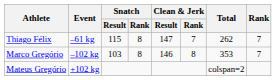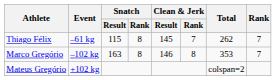 <table class="wikitable" style="font-size:90%">
 <tr>
 <th rowspan=2>Athlete</th>
 <th rowspan=2>Event</th>
 <th colspan="2">Snatch</th>
 <th colspan="2">Clean & Jerk</th>
 <th rowspan="2">Total</th>
 <th rowspan="2">Rank</th>
 </tr>
 <tr style="font-size:95%">
 <th>Result</th>
 <th>Rank</th>
 <th>Result</th>
 <th>Rank</th>
 </tr>
 <tr align=center>
 <td align=left><a href='#'>Thiago Félix</a></td>
 <td align=left><a href='#'>–61 kg</a></td>
 <td>115</td>
 <td>8</td>
-<td>147</td>
+<td>145</td>
 <td>7</td>
 <td>262</td>
 <td>7</td>
 </tr>
 <tr align=center>
 <td align=left><a href='#'>Marco Gregório</a></td>
 <td align=left><a href='#'>–102 kg</a></td>
-<td>103</td>
+<td>163</td>
 <td>8</td>
 <td>146</td>
 <td>8</td>
 <td>353</td>
 <td>7</td>
 </tr>
 <tr align=center>
 <td align=left><a href='#'>Mateus Gregório</a></td>
 <td align=left><a href='#'>+102 kg</a></td>
 <td colspan=2><s></s></td>
 <td colspan=2><s></s></td>
 <td>colspan=2 </td>
 </tr>
 </table>
